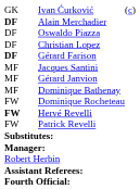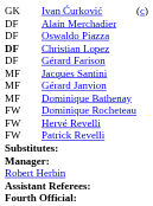 <table style=font-size:90% cellspacing=0 cellpadding=0>
 <tr>
 <td colspan=4></td>
 </tr>
 <tr>
 <th width=25></th>
 <th width=25></th>
 </tr>
 <tr>
 <td>GK</td>
 <td><strong> </strong></td>
 <td> <a href='#'>Ivan Ćurković</a></td>
 <td>(<a href='#'>c</a>)</td>
 </tr>
 <tr>
-<td><strong>DF</strong></td>
+<td>DF</td>
 <td><strong> </strong></td>
 <td> <a href='#'>Alain Merchadier</a></td>
 </tr>
 <tr>
 <td>DF</td>
 <td><strong> </strong></td>
 <td> <a href='#'>Oswaldo Piazza</a></td>
 </tr>
 <tr>
-<td>DF</td>
+<td><strong>DF</strong></td>
 <td><strong> </strong></td>
 <td> <a href='#'>Christian Lopez</a></td>
 </tr>
 <tr>
-<td><strong>DF</strong></td>
+<td>DF</td>
 <td><strong> </strong></td>
 <td> <a href='#'>Gérard Farison</a></td>
 </tr>
 <tr>
 <td>MF</td>
 <td><strong> </strong></td>
 <td> <a href='#'>Jacques Santini</a></td>
 </tr>
 <tr>
 <td>MF</td>
 <td><strong> </strong></td>
 <td> <a href='#'>Gérard Janvion</a></td>
 </tr>
 <tr>
 <td>MF</td>
 <td><strong> </strong></td>
 <td> <a href='#'>Dominique Bathenay</a></td>
 </tr>
 <tr>
 <td>FW</td>
 <td><strong> </strong></td>
 <td> <a href='#'>Dominique Rocheteau</a></td>
 </tr>
 <tr>
-<td><strong>FW</strong></td>
+<td>FW</td>
 <td><strong> </strong></td>
 <td> <a href='#'>Hervé Revelli</a></td>
 </tr>
 <tr>
 <td>FW</td>
 <td><strong> </strong></td>
 <td> <a href='#'>Patrick Revelli</a></td>
 </tr>
 <tr>
 <td colspan=3><strong>Substitutes:</strong></td>
 </tr>
 <tr>
 <td colspan=3><strong>Manager:</strong></td>
 </tr>
 <tr>
 <td colspan=4> <a href='#'>Robert Herbin</a><br><strong>Assistant Referees:</strong><br> <strong>Fourth Official:</strong><br></td>
 </tr>
 </table>
